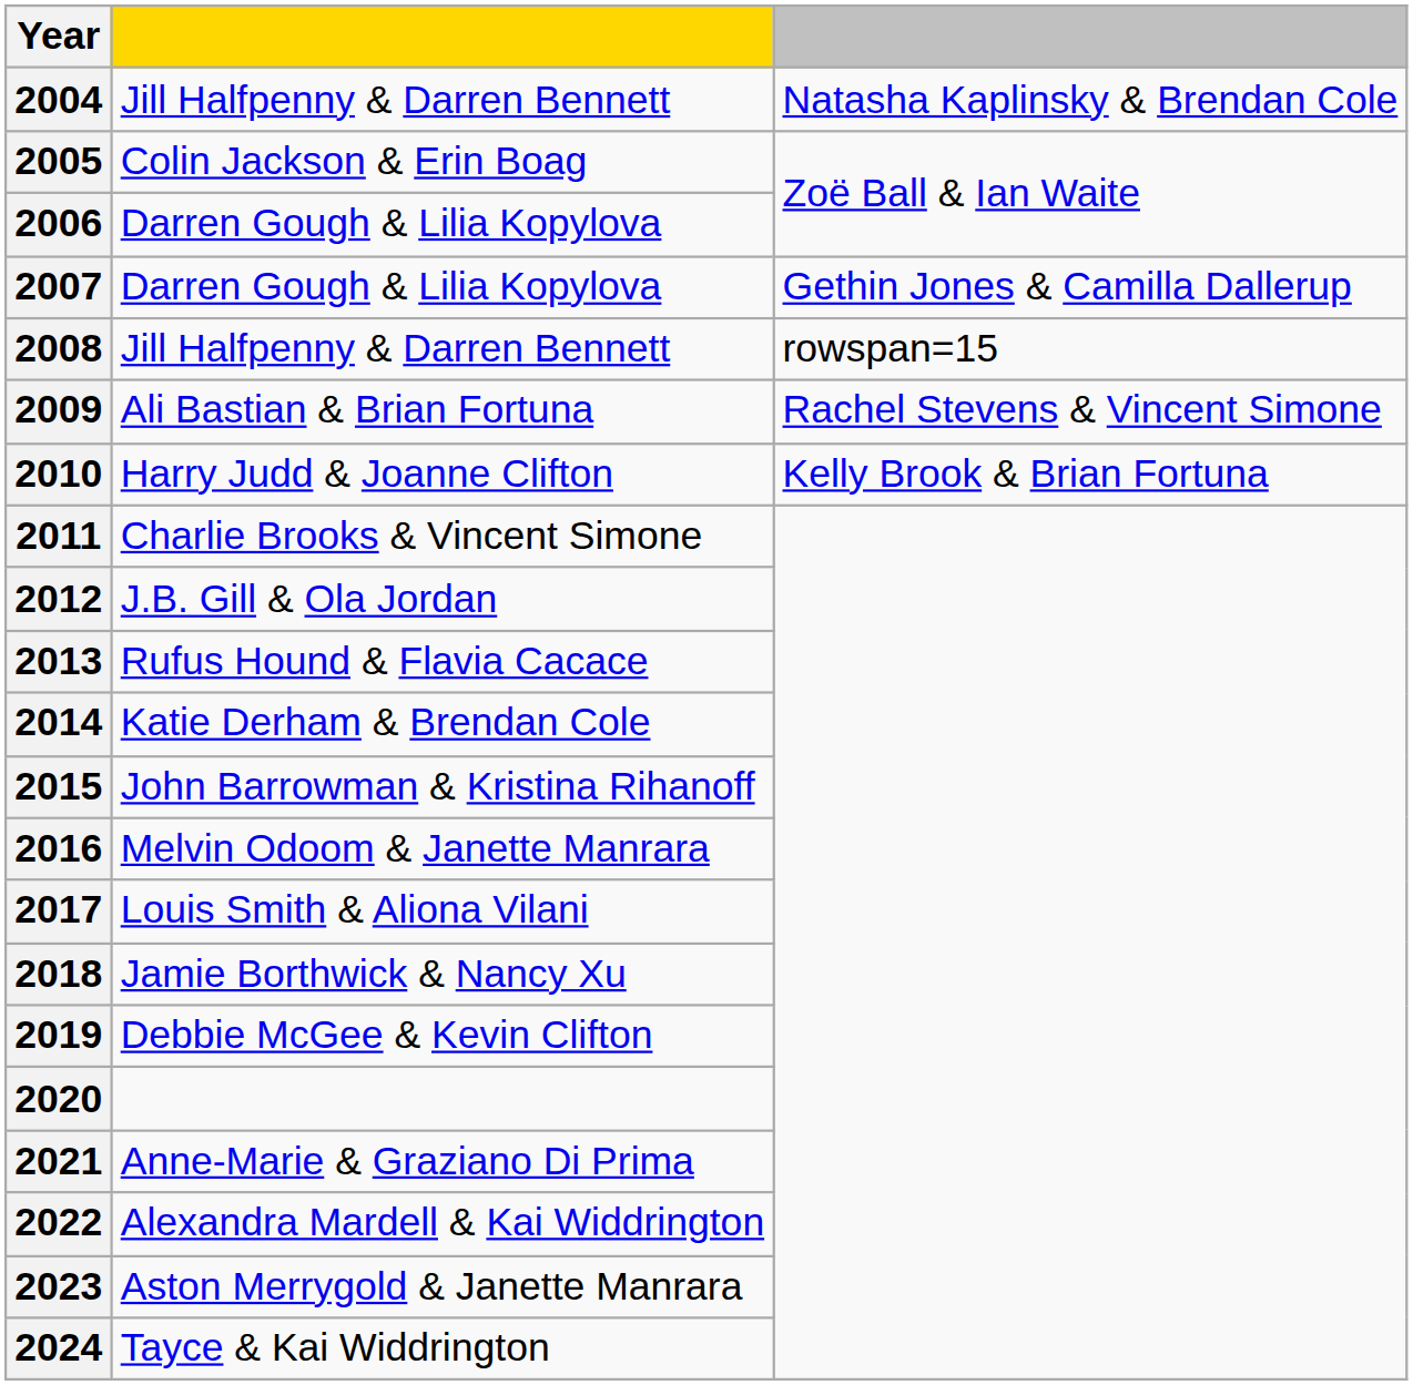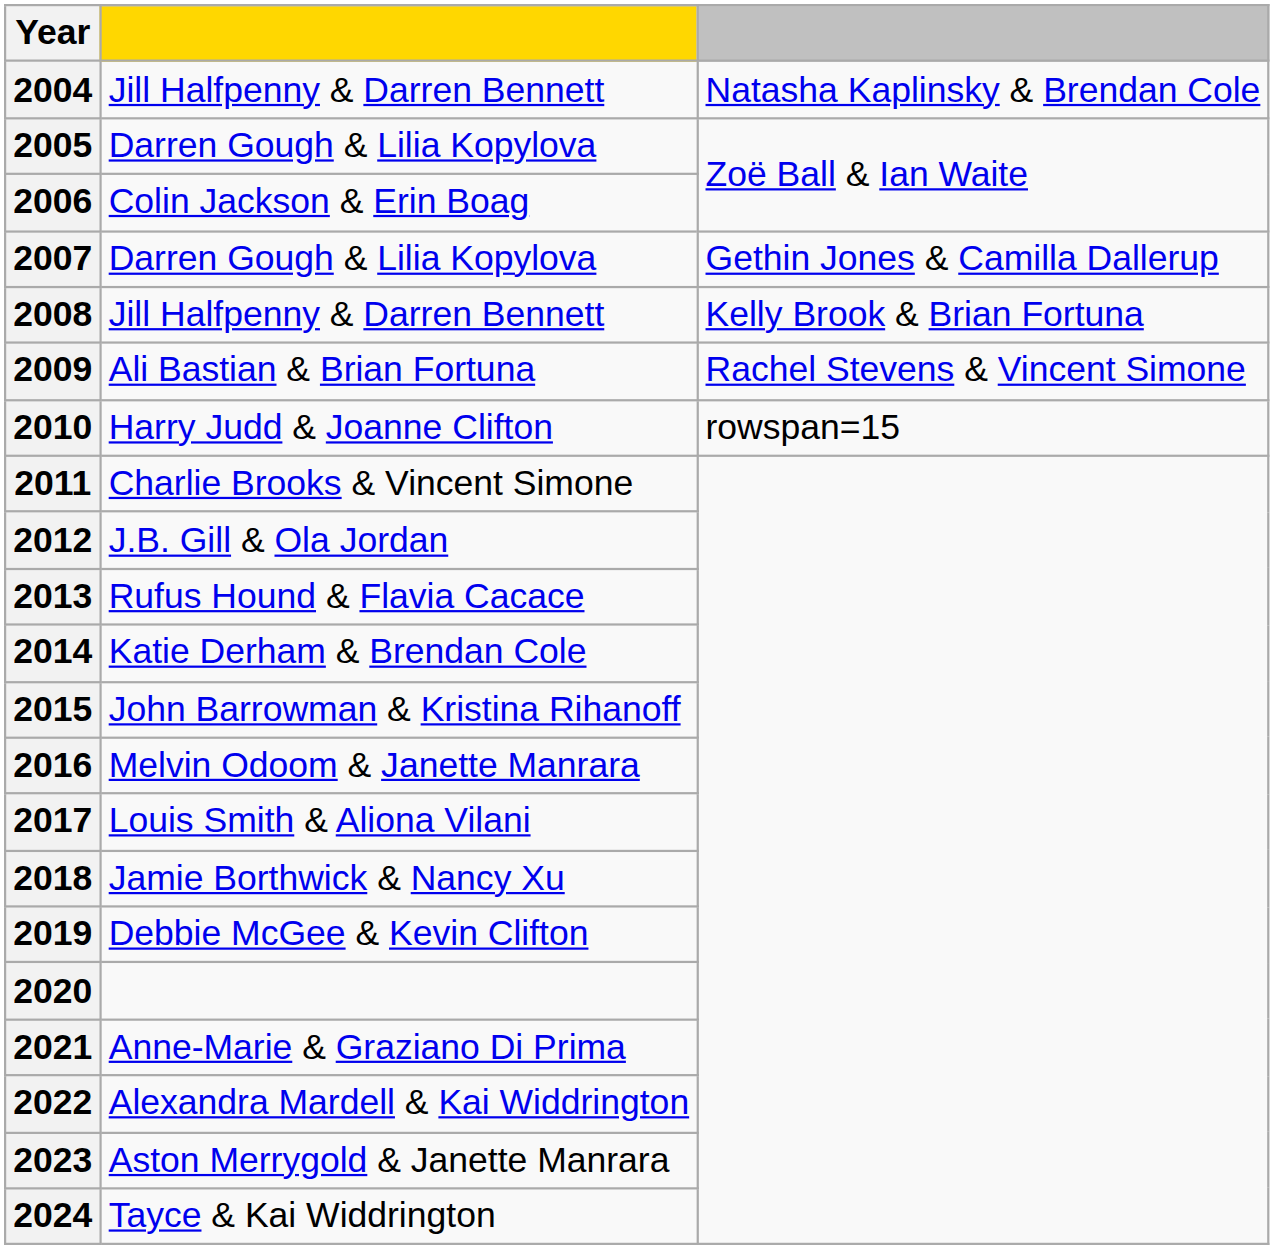 <table class="wikitable" style="white-space:nowrap">
 <tr>
 <th rowspan="2">Year</th>
 </tr>
 <tr>
 <td style="background:gold;"></td>
 <td style="background:silver;"></td>
 </tr>
 <tr>
 <th>2004</th>
 <td><a href='#'>Jill Halfpenny</a> & <a href='#'>Darren Bennett</a></td>
 <td><a href='#'>Natasha Kaplinsky</a> & <a href='#'>Brendan Cole</a></td>
 </tr>
 <tr>
 <th>2005</th>
-<td><a href='#'>Colin Jackson</a> & <a href='#'>Erin Boag</a></td>
+<td><a href='#'>Darren Gough</a> & <a href='#'>Lilia Kopylova</a></td>
 <td rowspan="2"><a href='#'>Zoë Ball</a> & <a href='#'>Ian Waite</a></td>
 </tr>
 <tr>
 <th>2006</th>
-<td><a href='#'>Darren Gough</a> & <a href='#'>Lilia Kopylova</a></td>
+<td><a href='#'>Colin Jackson</a> & <a href='#'>Erin Boag</a></td>
 </tr>
 <tr>
 <th>2007</th>
 <td><a href='#'>Darren Gough</a> & <a href='#'>Lilia Kopylova</a></td>
 <td><a href='#'>Gethin Jones</a> & <a href='#'>Camilla Dallerup</a></td>
 </tr>
 <tr>
 <th>2008</th>
 <td><a href='#'>Jill Halfpenny</a> & <a href='#'>Darren Bennett</a></td>
-<td>rowspan=15 </td>
+<td><a href='#'>Kelly Brook</a> & <a href='#'>Brian Fortuna</a></td>
 </tr>
 <tr>
 <th>2009</th>
 <td><a href='#'>Ali Bastian</a> & <a href='#'>Brian Fortuna</a></td>
 <td><a href='#'>Rachel Stevens</a> & <a href='#'>Vincent Simone</a></td>
 </tr>
 <tr>
 <th>2010</th>
 <td><a href='#'>Harry Judd</a> & <a href='#'>Joanne Clifton</a></td>
-<td><a href='#'>Kelly Brook</a> & <a href='#'>Brian Fortuna</a></td>
+<td>rowspan=15 </td>
 </tr>
 <tr>
 <th>2011</th>
 <td><a href='#'>Charlie Brooks</a> & Vincent Simone</td>
 </tr>
 <tr>
 <th>2012</th>
 <td><a href='#'>J.B. Gill</a> & <a href='#'>Ola Jordan</a></td>
 </tr>
 <tr>
 <th>2013</th>
 <td><a href='#'>Rufus Hound</a> & <a href='#'>Flavia Cacace</a></td>
 </tr>
 <tr>
 <th>2014</th>
 <td><a href='#'>Katie Derham</a> & <a href='#'>Brendan Cole</a></td>
 </tr>
 <tr>
 <th>2015</th>
 <td><a href='#'>John Barrowman</a> & <a href='#'>Kristina Rihanoff</a></td>
 </tr>
 <tr>
 <th>2016</th>
 <td><a href='#'>Melvin Odoom</a> & <a href='#'>Janette Manrara</a></td>
 </tr>
 <tr>
 <th>2017</th>
 <td><a href='#'>Louis Smith</a> & <a href='#'>Aliona Vilani</a></td>
 </tr>
 <tr>
 <th>2018</th>
 <td><a href='#'>Jamie Borthwick</a> & <a href='#'>Nancy Xu</a></td>
 </tr>
 <tr>
 <th>2019</th>
 <td><a href='#'>Debbie McGee</a> & <a href='#'>Kevin Clifton</a></td>
 </tr>
 <tr>
 <th>2020</th>
 <td></td>
 </tr>
 <tr>
 <th>2021</th>
 <td><a href='#'>Anne-Marie</a> & <a href='#'>Graziano Di Prima</a></td>
 </tr>
 <tr>
 <th>2022</th>
 <td><a href='#'>Alexandra Mardell</a> & <a href='#'>Kai Widdrington</a></td>
 </tr>
 <tr>
 <th>2023</th>
 <td><a href='#'>Aston Merrygold</a> & Janette Manrara</td>
 </tr>
 <tr>
 <th>2024</th>
 <td><a href='#'>Tayce</a> & Kai Widdrington</td>
 </tr>
 </table>
